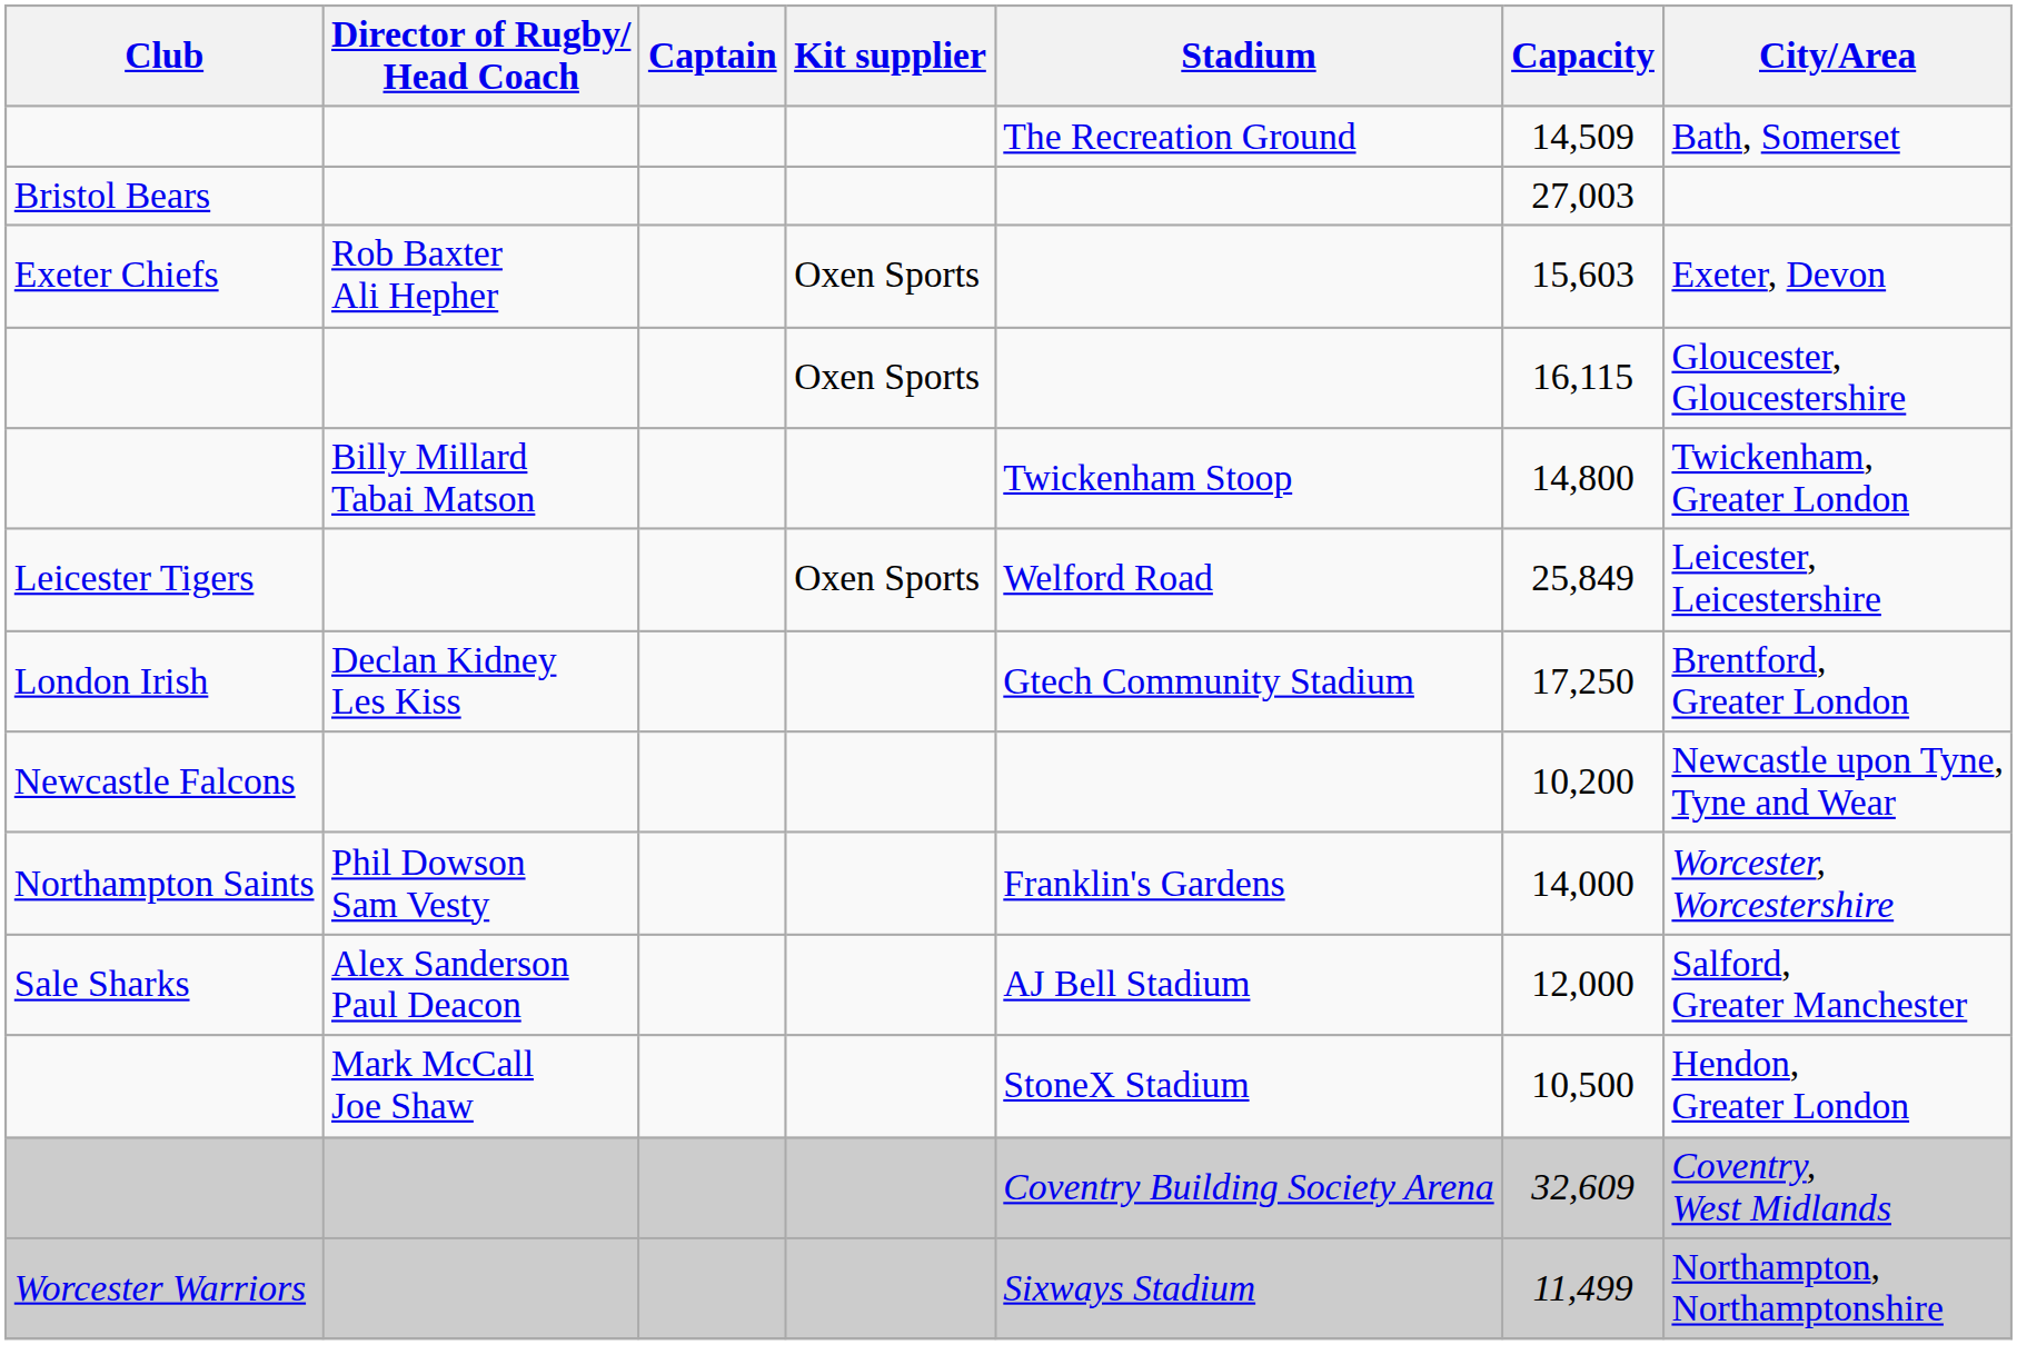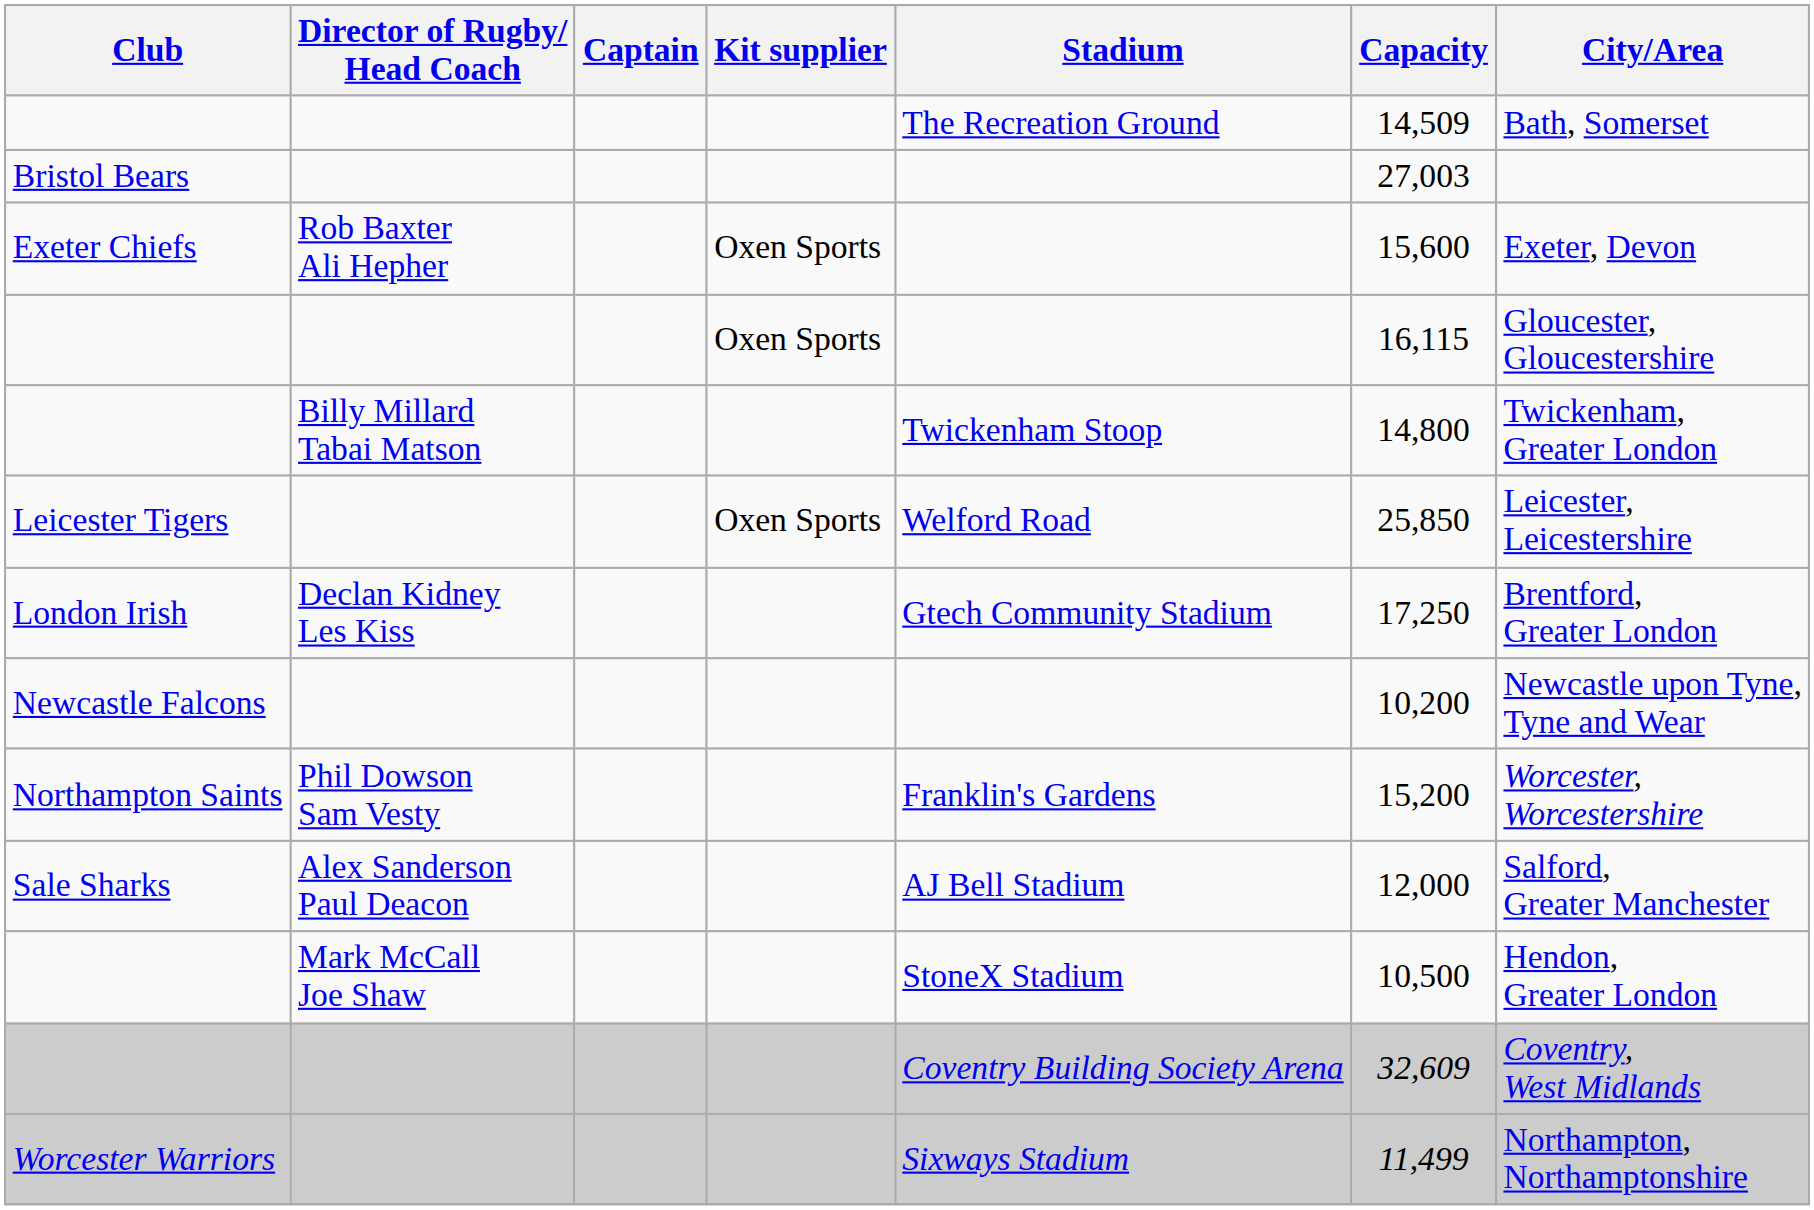 <table class="wikitable sortable">
 <tr>
 <th><a href='#'>Club</a></th>
 <th><a href='#'>Director of Rugby/<br>Head Coach</a></th>
 <th><a href='#'>Captain</a></th>
 <th><a href='#'>Kit supplier</a></th>
 <th><a href='#'>Stadium</a></th>
 <th><a href='#'>Capacity</a></th>
 <th><a href='#'>City/Area</a></th>
 </tr>
 <tr>
 <td></td>
 <td></td>
 <td></td>
 <td></td>
 <td><a href='#'>The Recreation Ground</a></td>
 <td align=center>14,509</td>
 <td><a href='#'>Bath</a>, <a href='#'>Somerset</a></td>
 </tr>
 <tr>
 <td><a href='#'>Bristol Bears</a></td>
 <td></td>
 <td></td>
 <td></td>
 <td></td>
 <td align=center>27,003</td>
 <td></td>
 </tr>
 <tr>
 <td><a href='#'>Exeter Chiefs</a></td>
 <td> <a href='#'>Rob Baxter</a><br> <a href='#'>Ali Hepher</a></td>
 <td></td>
 <td>Oxen Sports</td>
 <td></td>
-<td align=center>15,603</td>
+<td align=center>15,600</td>
 <td><a href='#'>Exeter</a>, <a href='#'>Devon</a></td>
 </tr>
 <tr>
 <td></td>
 <td></td>
 <td></td>
 <td>Oxen Sports</td>
 <td></td>
 <td align=center>16,115</td>
 <td><a href='#'>Gloucester</a>,<br><a href='#'>Gloucestershire</a></td>
 </tr>
 <tr>
 <td></td>
 <td> <a href='#'>Billy Millard</a><br> <a href='#'>Tabai Matson</a></td>
 <td></td>
 <td></td>
 <td><a href='#'>Twickenham Stoop</a></td>
 <td align=center>14,800</td>
 <td><a href='#'>Twickenham</a>,<br><a href='#'>Greater London</a></td>
 </tr>
 <tr>
 <td><a href='#'>Leicester Tigers</a></td>
 <td></td>
 <td></td>
 <td>Oxen Sports</td>
 <td><a href='#'>Welford Road</a></td>
-<td align=center>25,849</td>
+<td align=center>25,850</td>
 <td><a href='#'>Leicester</a>,<br><a href='#'>Leicestershire</a></td>
 </tr>
 <tr>
 <td><a href='#'>London Irish</a></td>
 <td> <a href='#'>Declan Kidney</a><br> <a href='#'>Les Kiss</a></td>
 <td></td>
 <td></td>
 <td><a href='#'>Gtech Community Stadium</a></td>
 <td align=center>17,250</td>
 <td><a href='#'>Brentford</a>,<br><a href='#'>Greater London</a></td>
 </tr>
 <tr>
 <td><a href='#'>Newcastle Falcons</a></td>
 <td></td>
 <td></td>
 <td></td>
 <td></td>
 <td align=center>10,200</td>
 <td><a href='#'>Newcastle upon Tyne</a>,<br><a href='#'>Tyne and Wear</a></td>
 </tr>
 <tr>
 <td><a href='#'>Northampton Saints</a></td>
 <td> <a href='#'>Phil Dowson</a><br> <a href='#'>Sam Vesty</a></td>
 <td></td>
 <td></td>
 <td><a href='#'>Franklin's Gardens</a></td>
-<td align=center>14,000</td>
+<td align=center>15,200</td>
 <td><em><a href='#'>Worcester</a>,<br><a href='#'>Worcestershire</a></em></td>
 </tr>
 <tr>
 <td><a href='#'>Sale Sharks</a></td>
 <td> <a href='#'>Alex Sanderson</a><br> <a href='#'>Paul Deacon</a></td>
 <td></td>
 <td></td>
 <td><a href='#'>AJ Bell Stadium</a></td>
 <td align=center>12,000</td>
 <td><a href='#'>Salford</a>,<br><a href='#'>Greater Manchester</a></td>
 </tr>
 <tr>
 <td></td>
 <td> <a href='#'>Mark McCall</a><br> <a href='#'>Joe Shaw</a></td>
 <td></td>
 <td></td>
 <td><a href='#'>StoneX Stadium</a></td>
 <td align=center>10,500</td>
 <td><a href='#'>Hendon</a>,<br><a href='#'>Greater London</a></td>
 </tr>
 <tr style="background-color:#cccccc;">
 <td><em></em></td>
 <td><em></em></td>
 <td><em></em></td>
 <td><em></em></td>
 <td><em><a href='#'>Coventry Building Society Arena</a></em></td>
 <td align=center><em>32,609</em></td>
 <td><em><a href='#'>Coventry</a>,<br><a href='#'>West Midlands</a></em></td>
 </tr>
 <tr style="background-color:#cccccc;">
 <td><em><a href='#'>Worcester Warriors</a></em></td>
 <td><em></em></td>
 <td><em></em></td>
 <td><em></em></td>
 <td><em><a href='#'>Sixways Stadium</a></em></td>
 <td align=center><em>11,499</em></td>
 <td><a href='#'>Northampton</a>,<br><a href='#'>Northamptonshire</a></td>
 </tr>
 <tr>
 </tr>
 </table>
